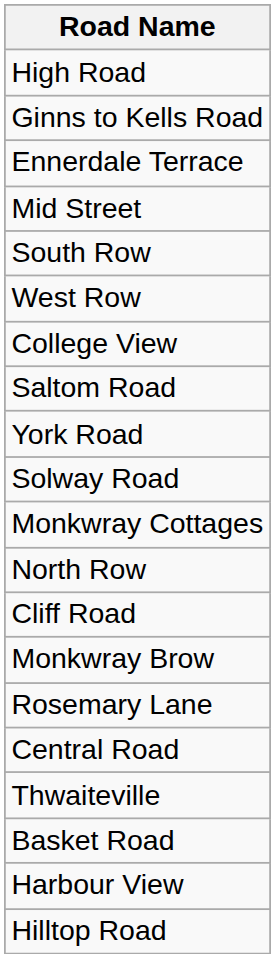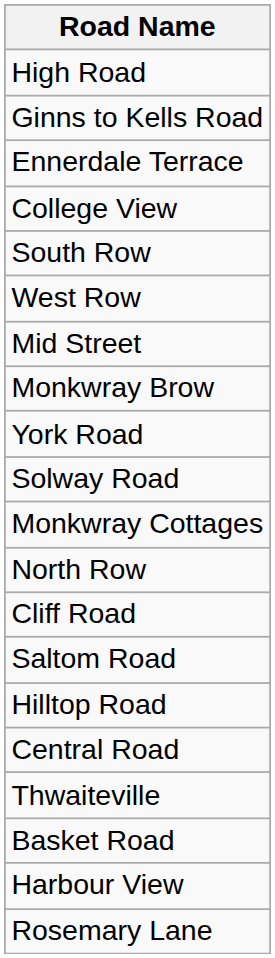 <table class="wikitable">
 <tr>
 <th>Road Name</th>
 </tr>
 <tr>
 <td>High Road</td>
 </tr>
 <tr>
 <td>Ginns to Kells Road</td>
 </tr>
 <tr>
 <td>Ennerdale Terrace</td>
 </tr>
 <tr>
-<td>Mid Street</td>
+<td>College View</td>
 </tr>
 <tr>
 <td>South Row</td>
 </tr>
 <tr>
 <td>West Row</td>
 </tr>
 <tr>
-<td>College View</td>
+<td>Mid Street</td>
 </tr>
 <tr>
-<td>Saltom Road</td>
+<td>Monkwray Brow</td>
 </tr>
 <tr>
 <td>York Road</td>
 </tr>
 <tr>
 <td>Solway Road</td>
 </tr>
 <tr>
 <td>Monkwray Cottages</td>
 </tr>
 <tr>
 <td>North Row</td>
 </tr>
 <tr>
 <td>Cliff Road</td>
 </tr>
 <tr>
-<td>Monkwray Brow</td>
+<td>Saltom Road</td>
 </tr>
 <tr>
-<td>Rosemary Lane</td>
+<td>Hilltop Road</td>
 </tr>
 <tr>
 <td>Central Road</td>
 </tr>
 <tr>
 <td>Thwaiteville</td>
 </tr>
 <tr>
 <td>Basket Road</td>
 </tr>
 <tr>
 <td>Harbour View</td>
 </tr>
 <tr>
-<td>Hilltop Road</td>
+<td>Rosemary Lane</td>
 </tr>
 </table>
